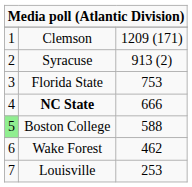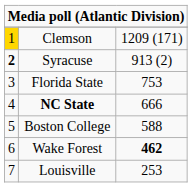 <table class="wikitable" style="display: inline-table;">
 <tr>
 <td align="center" Colspan="3"><strong>Media poll (Atlantic Division)</strong></td>
 </tr>
 <tr align="center">
 </tr>
 <tr align="center">
-<td>1</td>
+<td style="background: gold;">1</td>
 <td>Clemson</td>
 <td>1209 (171)</td>
 </tr>
 <tr align="center">
-<td>2</td>
+<td><strong>2</strong></td>
 <td>Syracuse</td>
 <td>913 (2)</td>
 </tr>
 <tr align="center">
 <td>3</td>
 <td>Florida State</td>
 <td>753</td>
 </tr>
 <tr align="center">
 <td>4</td>
 <td><strong>NC State</strong></td>
 <td>666</td>
 </tr>
 <tr align="center">
-<td style="background: lightgreen;">5</td>
+<td>5</td>
 <td>Boston College</td>
 <td>588</td>
 </tr>
 <tr align="center">
 <td>6</td>
 <td>Wake Forest</td>
-<td>462</td>
+<td><strong>462</strong></td>
 </tr>
 <tr align="center">
 <td>7</td>
 <td>Louisville</td>
 <td>253</td>
 </tr>
 </table>
